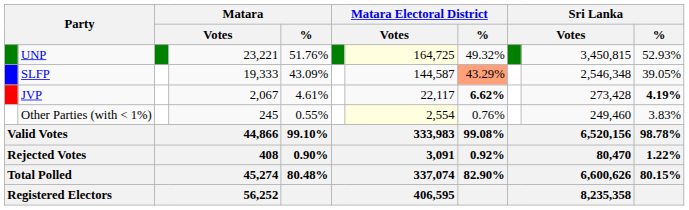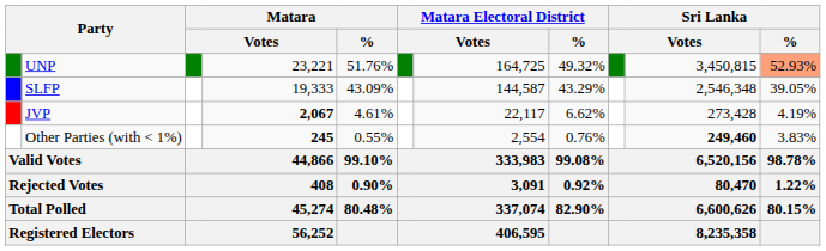 <table class="wikitable">
 <tr>
 <th colspan="2" width="144px"rowspan="2">Party</th>
 <th colspan="3" width="216px">Matara</th>
 <th colspan="3" width="216px"><a href='#'>Matara Electoral District</a></th>
 <th colspan="3" width="216px">Sri Lanka</th>
 </tr>
 <tr>
 <th colspan="2" width="144px">Votes</th>
 <th>%</th>
 <th colspan="2" width="144px">Votes</th>
 <th>%</th>
 <th colspan="2" width="144px">Votes</th>
 <th>%</th>
 </tr>
 <tr>
 <td style="background-color:green;" width="10px"></td>
 <td style="text-align:left;"><a href='#'>UNP</a></td>
 <td style="background-color:green;" width="10px"></td>
 <td style="text-align:right;">23,221</td>
 <td style="text-align:right;">51.76%</td>
 <td style="background-color:green;" width="10px"></td>
-<td style="background: lightyellow; text-align:right;">164,725</td>
+<td style="text-align:right;">164,725</td>
 <td style="text-align:right;">49.32%</td>
 <td style="background-color:green;" width="10px"></td>
 <td style="text-align:right;">3,450,815</td>
-<td style="text-align:right;">52.93%</td>
+<td style="background: lightsalmon; text-align:right;">52.93%</td>
 </tr>
 <tr>
 <td style="background-color:blue;" width="10px"></td>
 <td style="text-align:left;"><a href='#'>SLFP</a></td>
 <td style="background-color:white;" width="10px"></td>
 <td style="text-align:right;">19,333</td>
 <td style="text-align:right;">43.09%</td>
 <td style="background-color:white;" width="10px"></td>
 <td style="text-align:right;">144,587</td>
-<td style="background: lightsalmon; text-align:right;">43.29%</td>
+<td style="text-align:right;">43.29%</td>
 <td style="background-color:white;" width="10px"></td>
 <td style="text-align:right;">2,546,348</td>
 <td style="text-align:right;">39.05%</td>
 </tr>
 <tr>
 <td style="background-color:red;" width="10px"></td>
 <td style="text-align:left;"><a href='#'>JVP</a></td>
 <td style="background-color:white;" width="10px"></td>
-<td style="text-align:right;">2,067</td>
+<td style="text-align:right;"><strong>2,067</strong></td>
 <td style="text-align:right;">4.61%</td>
 <td style="background-color:white;" width="10px"></td>
 <td style="text-align:right;">22,117</td>
-<td style="text-align:right;"><strong>6.62%</strong></td>
+<td style="text-align:right;">6.62%</td>
 <td style="background-color:white;" width="10px"></td>
 <td style="text-align:right;">273,428</td>
-<td style="text-align:right;"><strong>4.19%</strong></td>
+<td style="text-align:right;">4.19%</td>
 </tr>
 <tr>
 <td style="background-color:white;" width="10px"></td>
 <td style="text-align:left;">Other Parties (with < 1%)</td>
 <td style="background-color:white;" width="10px"></td>
-<td style="text-align:right;">245</td>
+<td style="text-align:right;"><strong>245</strong></td>
 <td style="text-align:right;">0.55%</td>
 <td style="background-color:white;" width="10px"></td>
-<td style="background: lightyellow; text-align:right;">2,554</td>
+<td style="text-align:right;">2,554</td>
 <td style="text-align:right;">0.76%</td>
 <td style="background-color:white;" width="10px"></td>
-<td style="text-align:right;">249,460</td>
+<td style="text-align:right;"><strong>249,460</strong></td>
 <td style="text-align:right;">3.83%</td>
 </tr>
 <tr>
 <th colspan="2" width="144px"style="text-align:left;">Valid Votes</th>
 <th style="text-align:right;"colspan="2" width="144px">44,866</th>
 <th style="text-align:right;">99.10%</th>
 <th style="text-align:right;"colspan="2" width="144px">333,983</th>
 <th style="text-align:right;">99.08%</th>
 <th style="text-align:right;"colspan="2" width="144px">6,520,156</th>
 <th style="text-align:right;">98.78%</th>
 </tr>
 <tr>
 <th colspan="2" width="144px"style="text-align:left;">Rejected Votes</th>
 <th style="text-align:right;"colspan="2" width="144px">408</th>
 <th style="text-align:right;">0.90%</th>
 <th style="text-align:right;"colspan="2" width="144px">3,091</th>
 <th style="text-align:right;">0.92%</th>
 <th style="text-align:right;"colspan="2" width="144px">80,470</th>
 <th style="text-align:right;">1.22%</th>
 </tr>
 <tr>
 <th colspan="2" width="144px"style="text-align:left;">Total Polled</th>
 <th style="text-align:right;"colspan="2" width="144px">45,274</th>
 <th style="text-align:right;">80.48%</th>
 <th style="text-align:right;"colspan="2" width="144px">337,074</th>
 <th style="text-align:right;">82.90%</th>
 <th style="text-align:right;"colspan="2" width="144px">6,600,626</th>
 <th style="text-align:right;">80.15%</th>
 </tr>
 <tr>
 <th colspan="2" width="144px"style="text-align:left;">Registered Electors</th>
 <th style="text-align:right;"colspan="2" width="144px">56,252</th>
 <th></th>
 <th style="text-align:right;"colspan="2" width="144px">406,595</th>
 <th></th>
 <th style="text-align:right;"colspan="2" width="144px">8,235,358</th>
 <th></th>
 </tr>
 </table>
